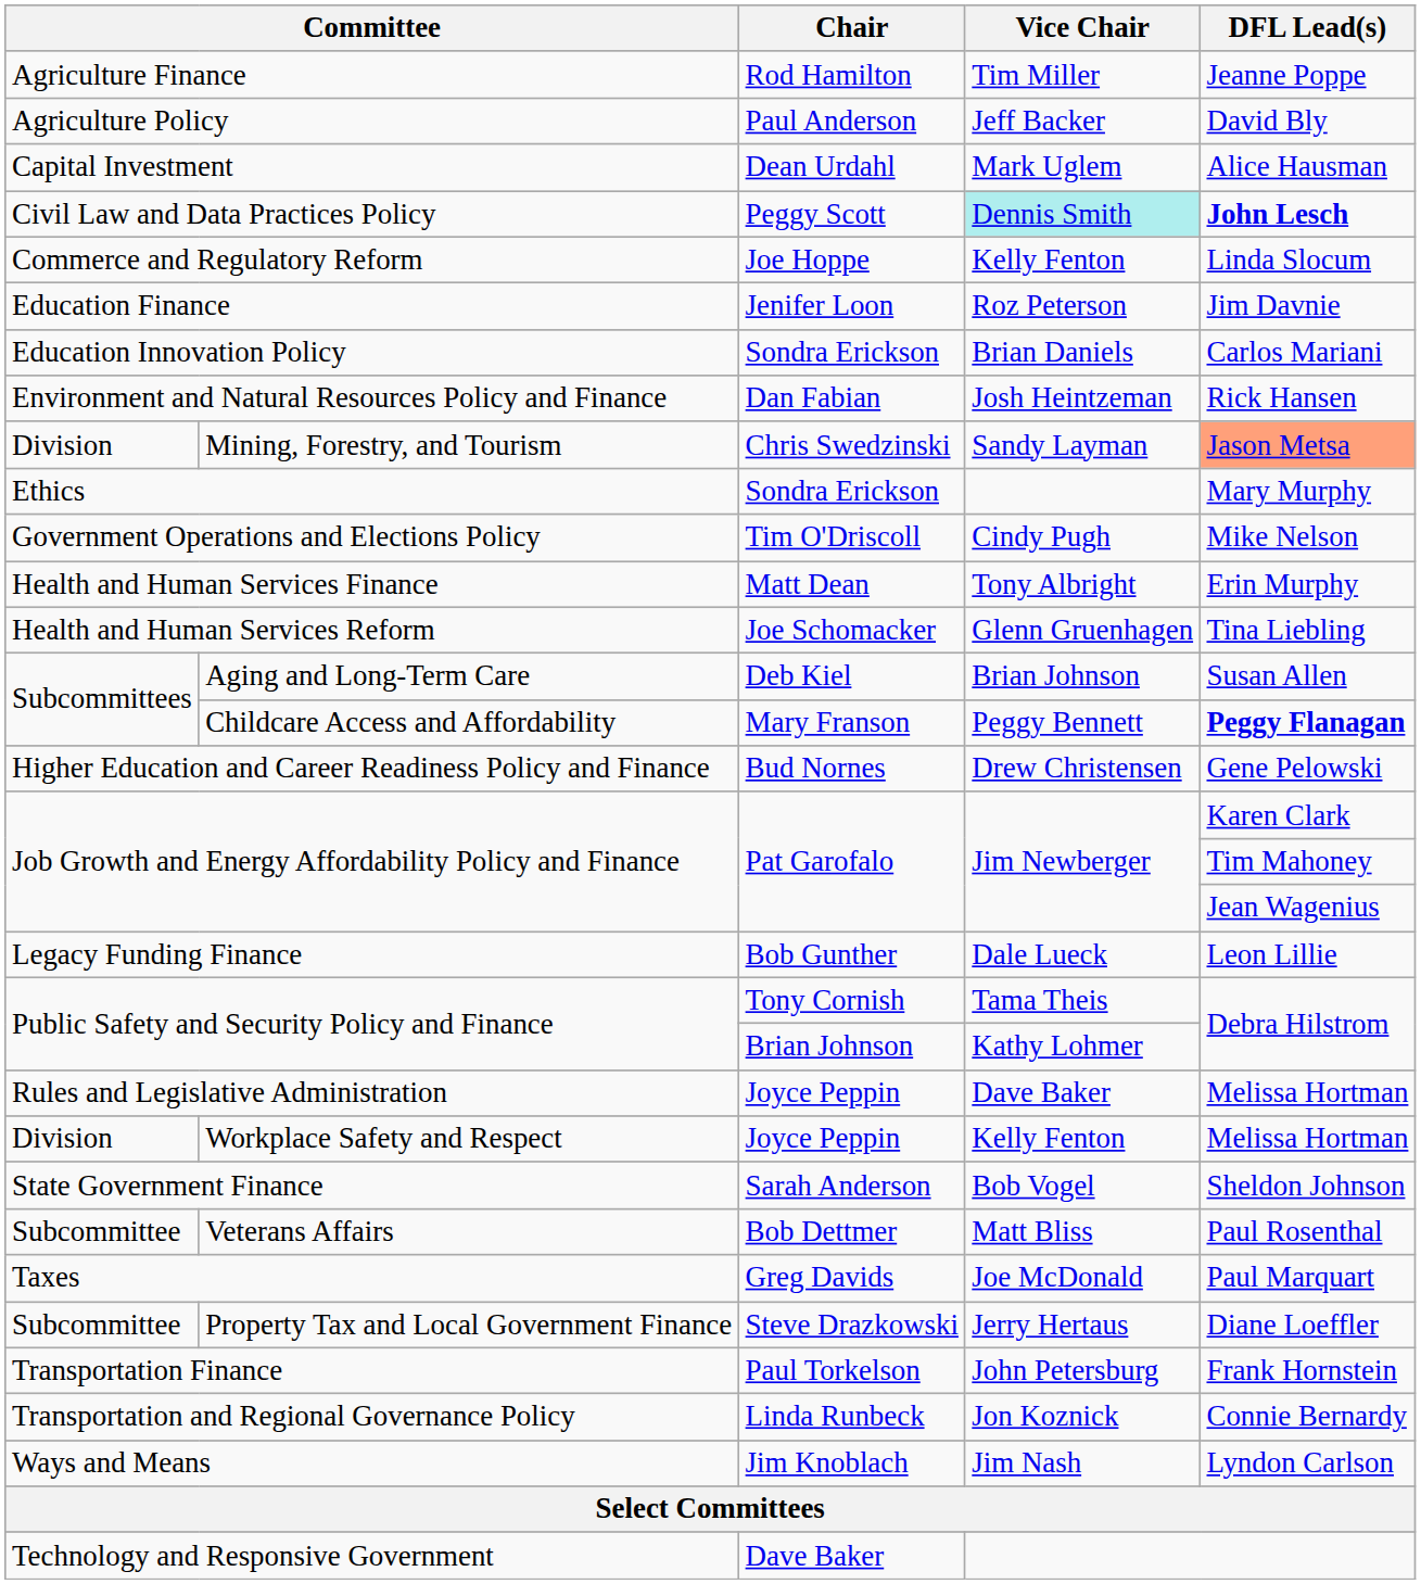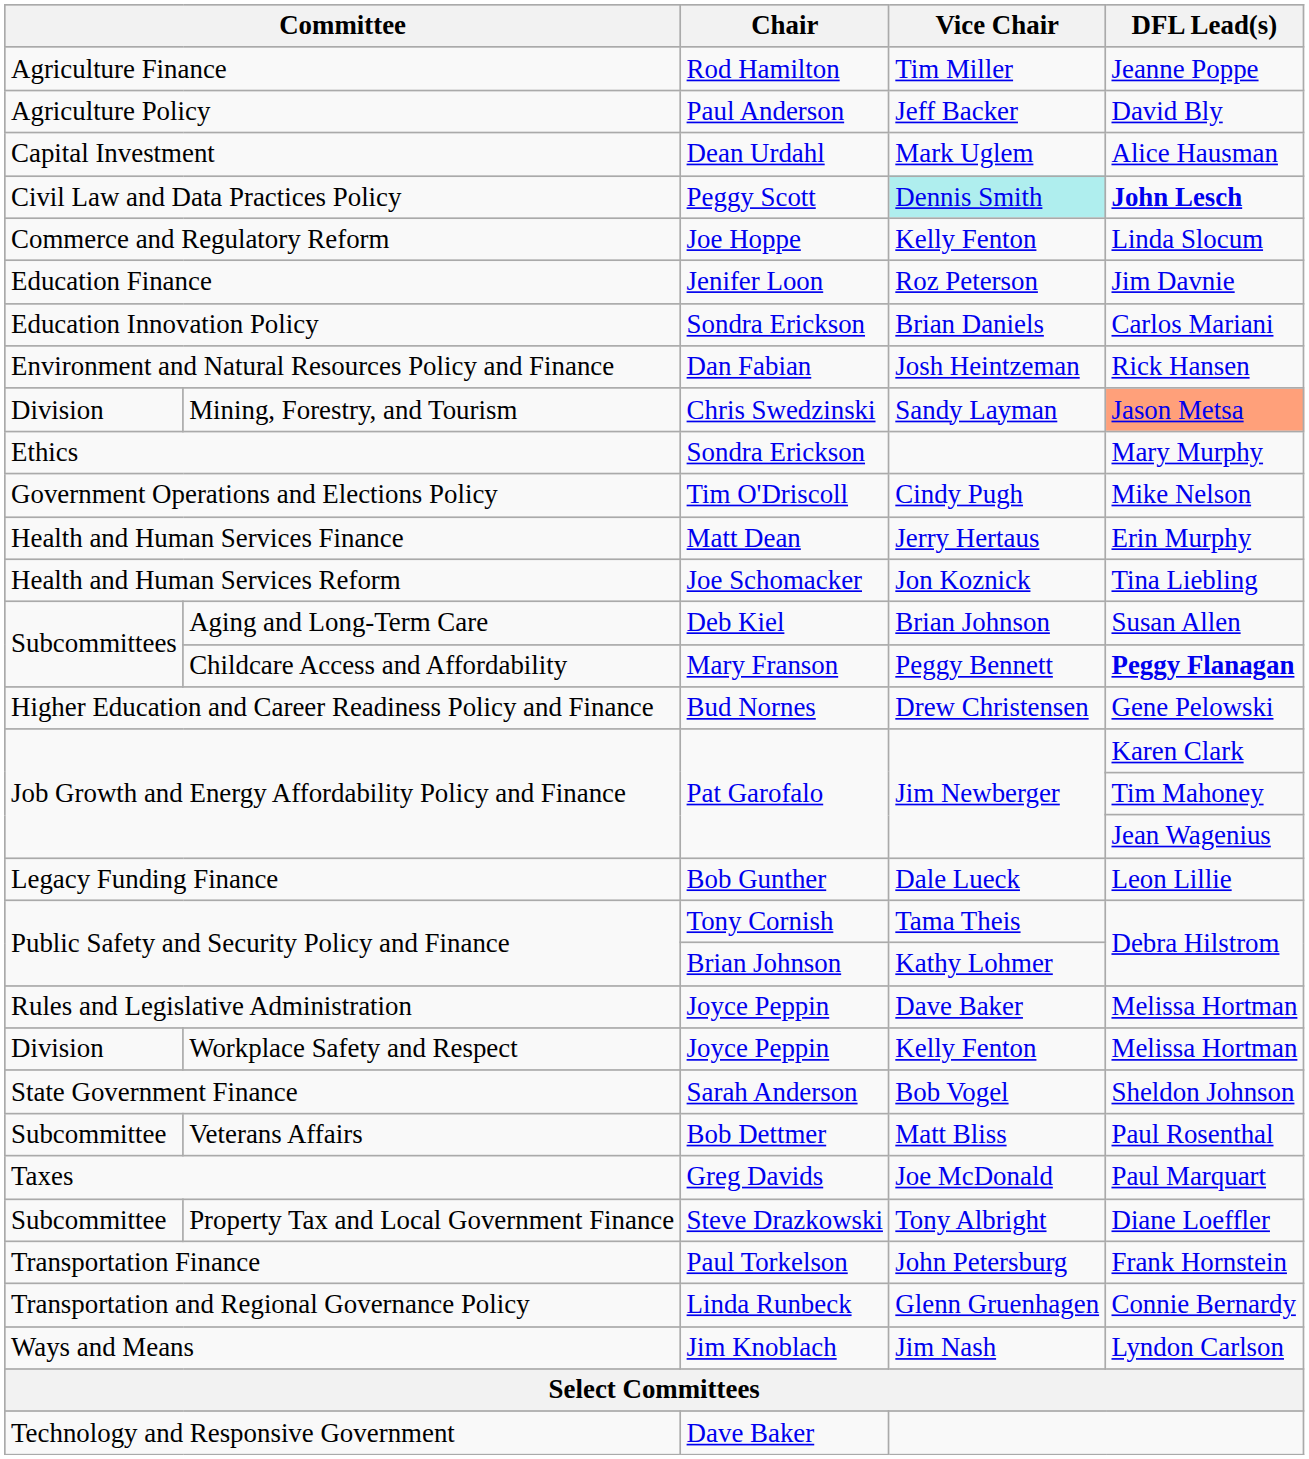 <table class="wikitable">
 <tr>
 <th colspan="2">Committee</th>
 <th>Chair</th>
 <th>Vice Chair</th>
 <th>DFL Lead(s)</th>
 </tr>
 <tr>
 <td colspan="2">Agriculture Finance</td>
 <td><a href='#'>Rod Hamilton</a></td>
 <td><a href='#'>Tim Miller</a></td>
 <td><a href='#'>Jeanne Poppe</a></td>
 </tr>
 <tr>
 <td colspan="2">Agriculture Policy</td>
 <td><a href='#'>Paul Anderson</a></td>
 <td><a href='#'>Jeff Backer</a></td>
 <td><a href='#'>David Bly</a></td>
 </tr>
 <tr>
 <td colspan="2">Capital Investment</td>
 <td><a href='#'>Dean Urdahl</a></td>
 <td><a href='#'>Mark Uglem</a></td>
 <td><a href='#'>Alice Hausman</a></td>
 </tr>
 <tr>
 <td colspan="2">Civil Law and Data Practices Policy</td>
 <td><a href='#'>Peggy Scott</a></td>
 <td style="background: paleturquoise;"><a href='#'>Dennis Smith</a></td>
 <td><strong><a href='#'>John Lesch</a></strong></td>
 </tr>
 <tr>
 <td colspan="2">Commerce and Regulatory Reform</td>
 <td><a href='#'>Joe Hoppe</a></td>
 <td><a href='#'>Kelly Fenton</a></td>
 <td><a href='#'>Linda Slocum</a></td>
 </tr>
 <tr>
 <td colspan="2">Education Finance</td>
 <td><a href='#'>Jenifer Loon</a></td>
 <td><a href='#'>Roz Peterson</a></td>
 <td><a href='#'>Jim Davnie</a></td>
 </tr>
 <tr>
 <td colspan="2">Education Innovation Policy</td>
 <td><a href='#'>Sondra Erickson</a></td>
 <td><a href='#'>Brian Daniels</a></td>
 <td><a href='#'>Carlos Mariani</a></td>
 </tr>
 <tr>
 <td colspan="2">Environment and Natural Resources Policy and Finance</td>
 <td><a href='#'>Dan Fabian</a></td>
 <td><a href='#'>Josh Heintzeman</a></td>
 <td><a href='#'>Rick Hansen</a></td>
 </tr>
 <tr>
 <td>Division</td>
 <td>Mining, Forestry, and Tourism</td>
 <td><a href='#'>Chris Swedzinski</a></td>
 <td><a href='#'>Sandy Layman</a></td>
 <td style="background: lightsalmon;"><a href='#'>Jason Metsa</a></td>
 </tr>
 <tr>
 <td colspan="2">Ethics</td>
 <td><a href='#'>Sondra Erickson</a></td>
 <td></td>
 <td><a href='#'>Mary Murphy</a></td>
 </tr>
 <tr>
 <td colspan="2">Government Operations and Elections Policy</td>
 <td><a href='#'>Tim O'Driscoll</a></td>
 <td><a href='#'>Cindy Pugh</a></td>
 <td><a href='#'>Mike Nelson</a></td>
 </tr>
 <tr>
 <td colspan="2">Health and Human Services Finance</td>
 <td><a href='#'>Matt Dean</a></td>
-<td><a href='#'>Tony Albright</a></td>
+<td><a href='#'>Jerry Hertaus</a></td>
 <td><a href='#'>Erin Murphy</a></td>
 </tr>
 <tr>
 <td colspan="2">Health and Human Services Reform</td>
 <td><a href='#'>Joe Schomacker</a></td>
-<td><a href='#'>Glenn Gruenhagen</a></td>
+<td><a href='#'>Jon Koznick</a></td>
 <td><a href='#'>Tina Liebling</a></td>
 </tr>
 <tr>
 <td rowspan="2">Subcommittees</td>
 <td>Aging and Long-Term Care</td>
 <td><a href='#'>Deb Kiel</a></td>
 <td><a href='#'>Brian Johnson</a></td>
 <td><a href='#'>Susan Allen</a></td>
 </tr>
 <tr>
 <td>Childcare Access and Affordability</td>
 <td><a href='#'>Mary Franson</a></td>
 <td><a href='#'>Peggy Bennett</a></td>
 <td><strong><a href='#'>Peggy Flanagan</a></strong></td>
 </tr>
 <tr>
 <td colspan="2">Higher Education and Career Readiness Policy and Finance</td>
 <td><a href='#'>Bud Nornes</a></td>
 <td><a href='#'>Drew Christensen</a></td>
 <td><a href='#'>Gene Pelowski</a></td>
 </tr>
 <tr>
 <td colspan="2" rowspan="3">Job Growth and Energy Affordability Policy and Finance</td>
 <td rowspan="3"><a href='#'>Pat Garofalo</a></td>
 <td rowspan="3"><a href='#'>Jim Newberger</a></td>
 <td><a href='#'>Karen Clark</a></td>
 </tr>
 <tr>
 <td><a href='#'>Tim Mahoney</a></td>
 </tr>
 <tr>
 <td><a href='#'>Jean Wagenius</a></td>
 </tr>
 <tr>
 <td colspan="2">Legacy Funding Finance</td>
 <td><a href='#'>Bob Gunther</a></td>
 <td><a href='#'>Dale Lueck</a></td>
 <td><a href='#'>Leon Lillie</a></td>
 </tr>
 <tr>
 <td colspan="2" rowspan="2">Public Safety and Security Policy and Finance</td>
 <td><a href='#'>Tony Cornish</a></td>
 <td><a href='#'>Tama Theis</a></td>
 <td rowspan="2"><a href='#'>Debra Hilstrom</a></td>
 </tr>
 <tr>
 <td><a href='#'>Brian Johnson</a></td>
 <td><a href='#'>Kathy Lohmer</a></td>
 </tr>
 <tr>
 <td colspan="2">Rules and Legislative Administration</td>
 <td><a href='#'>Joyce Peppin</a></td>
 <td><a href='#'>Dave Baker</a></td>
 <td><a href='#'>Melissa Hortman</a></td>
 </tr>
 <tr>
 <td>Division</td>
 <td>Workplace Safety and Respect</td>
 <td><a href='#'>Joyce Peppin</a></td>
 <td><a href='#'>Kelly Fenton</a></td>
 <td><a href='#'>Melissa Hortman</a></td>
 </tr>
 <tr>
 <td colspan="2">State Government Finance</td>
 <td><a href='#'>Sarah Anderson</a></td>
 <td><a href='#'>Bob Vogel</a></td>
 <td><a href='#'>Sheldon Johnson</a></td>
 </tr>
 <tr>
 <td>Subcommittee</td>
 <td>Veterans Affairs</td>
 <td><a href='#'>Bob Dettmer</a></td>
 <td><a href='#'>Matt Bliss</a></td>
 <td><a href='#'>Paul Rosenthal</a></td>
 </tr>
 <tr>
 <td colspan="2">Taxes</td>
 <td><a href='#'>Greg Davids</a></td>
 <td><a href='#'>Joe McDonald</a></td>
 <td><a href='#'>Paul Marquart</a></td>
 </tr>
 <tr>
 <td>Subcommittee</td>
 <td>Property Tax and Local Government Finance</td>
 <td><a href='#'>Steve Drazkowski</a></td>
-<td><a href='#'>Jerry Hertaus</a></td>
+<td><a href='#'>Tony Albright</a></td>
 <td><a href='#'>Diane Loeffler</a></td>
 </tr>
 <tr>
 <td colspan="2">Transportation Finance</td>
 <td><a href='#'>Paul Torkelson</a></td>
 <td><a href='#'>John Petersburg</a></td>
 <td><a href='#'>Frank Hornstein</a></td>
 </tr>
 <tr>
 <td colspan="2">Transportation and Regional Governance Policy</td>
 <td><a href='#'>Linda Runbeck</a></td>
-<td><a href='#'>Jon Koznick</a></td>
+<td><a href='#'>Glenn Gruenhagen</a></td>
 <td><a href='#'>Connie Bernardy</a></td>
 </tr>
 <tr>
 <td colspan="2">Ways and Means</td>
 <td><a href='#'>Jim Knoblach</a></td>
 <td><a href='#'>Jim Nash</a></td>
 <td><a href='#'>Lyndon Carlson</a></td>
 </tr>
 <tr>
 <th colspan="5" align="center">Select Committees</th>
 </tr>
 <tr>
 <td colspan="2">Technology and Responsive Government</td>
 <td><a href='#'>Dave Baker</a></td>
 <td colspan="2"></td>
 </tr>
 </table>
